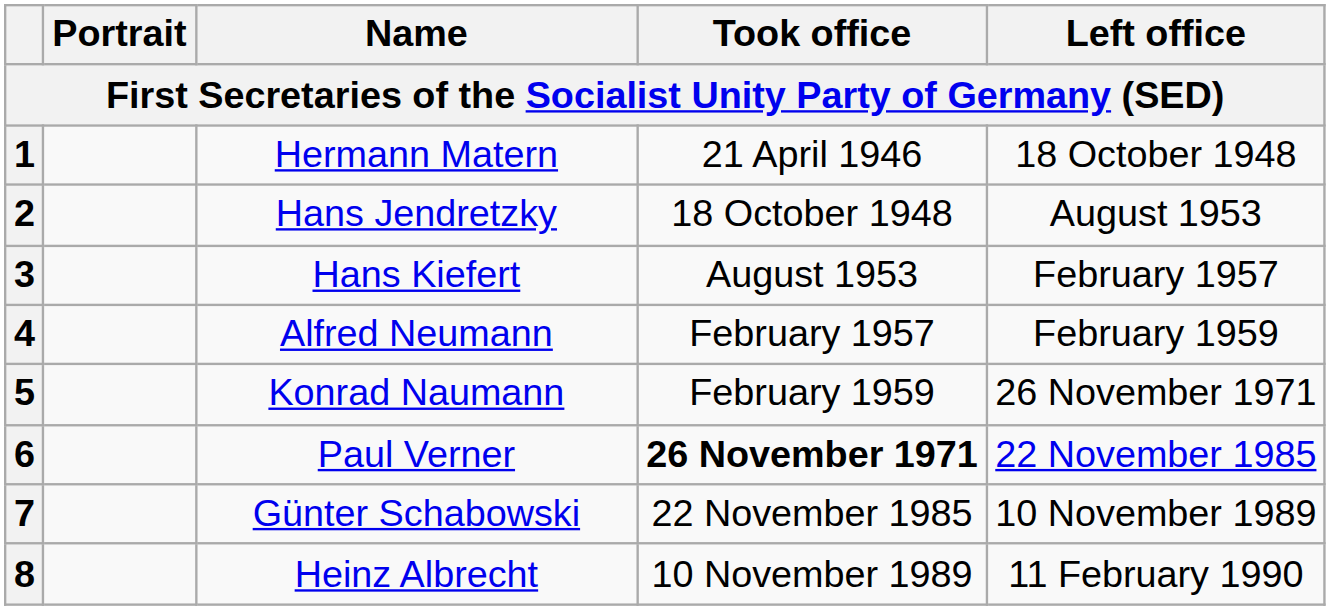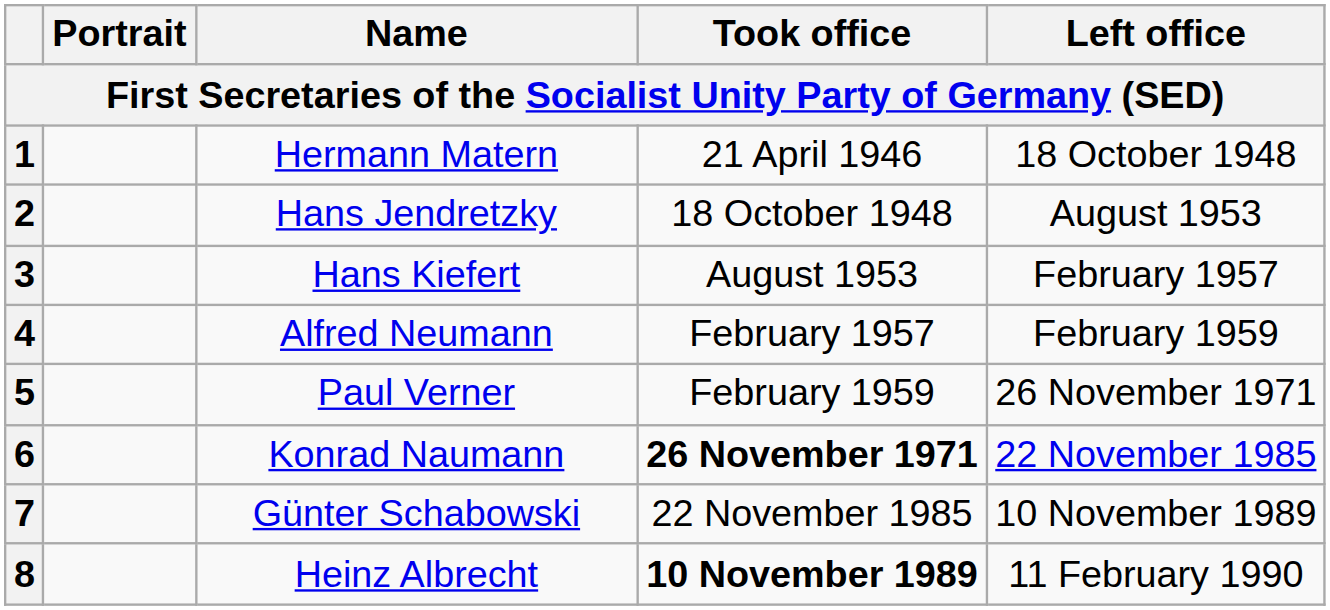 <table class="wikitable" style="text-align:center">
 <tr>
 <th></th>
 <th>Portrait</th>
 <th width=180>Name<br></th>
 <th>Took office</th>
 <th>Left office</th>
 </tr>
 <tr>
 <th colspan=5>First Secretaries of the <a href='#'>Socialist Unity Party of Germany</a> (SED)</th>
 </tr>
 <tr>
 <th style="background:">1</th>
 <td></td>
 <td><a href='#'>Hermann Matern</a><br></td>
 <td>21 April 1946</td>
 <td>18 October 1948<br></td>
 </tr>
 <tr>
 <th style="background:">2</th>
 <td></td>
 <td><a href='#'>Hans Jendretzky</a><br></td>
 <td>18 October 1948</td>
 <td>August 1953<br></td>
 </tr>
 <tr>
 <th style="background:">3</th>
 <td></td>
 <td><a href='#'>Hans Kiefert</a><br></td>
 <td>August 1953</td>
 <td>February 1957<br></td>
 </tr>
 <tr>
 <th style="background:">4</th>
 <td></td>
 <td><a href='#'>Alfred Neumann</a><br></td>
 <td>February 1957</td>
 <td>February 1959<br></td>
 </tr>
 <tr>
 <th style="background:">5</th>
 <td></td>
-<td><a href='#'>Konrad Naumann</a><br></td>
+<td><a href='#'>Paul Verner</a><br></td>
 <td>February 1959</td>
 <td>26 November 1971<br></td>
 </tr>
 <tr>
 <th style="background:">6</th>
 <td></td>
-<td><a href='#'>Paul Verner</a><br></td>
+<td><a href='#'>Konrad Naumann</a><br></td>
 <td><strong>26 November 1971</strong></td>
 <td><a href='#'>22 November 1985<br></a></td>
 </tr>
 <tr>
 <th style="background:">7</th>
 <td></td>
 <td><a href='#'>Günter Schabowski</a><br></td>
 <td>22 November 1985</td>
 <td>10 November 1989<br></td>
 </tr>
 <tr>
 <th style="background:">8</th>
 <td></td>
 <td><a href='#'>Heinz Albrecht</a><br></td>
-<td>10 November 1989</td>
+<td><strong>10 November 1989</strong></td>
 <td>11 February 1990</td>
 </tr>
 </table>
